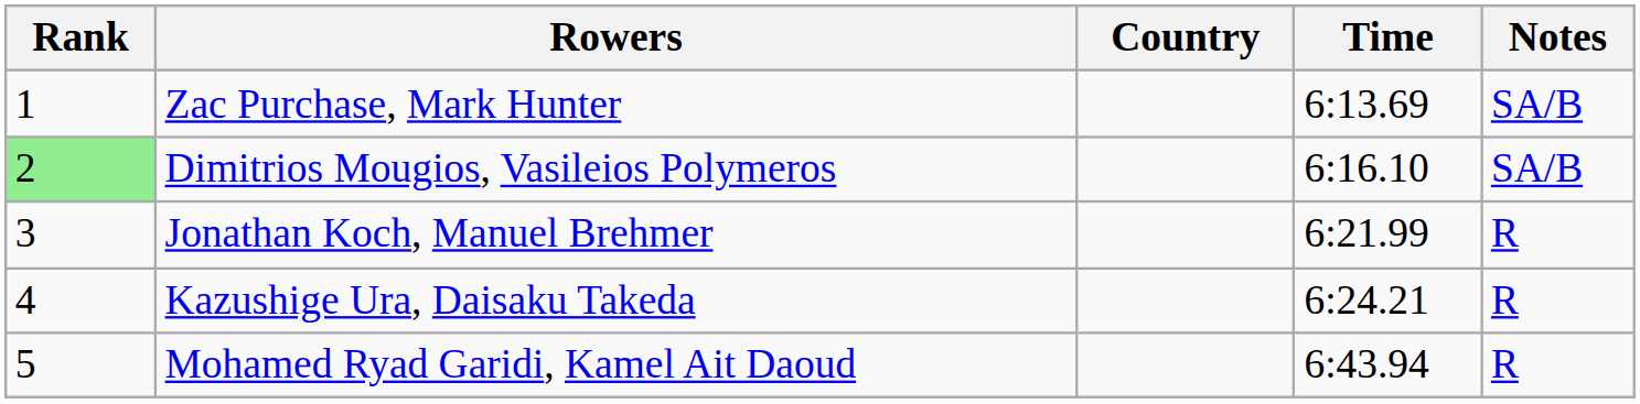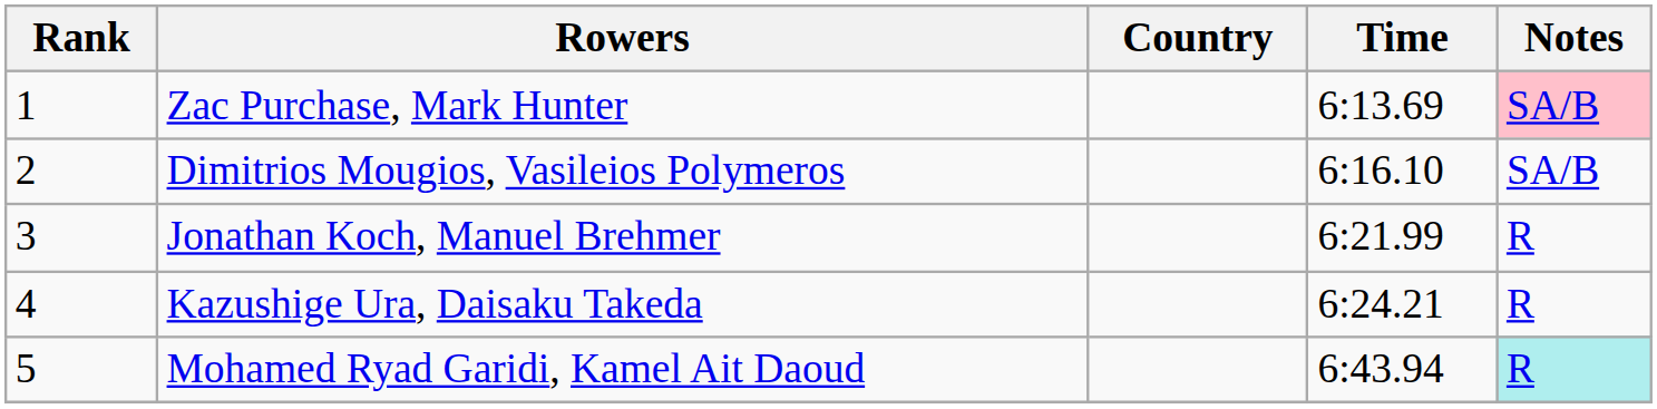 <table class="wikitable sortable" width=50%>
 <tr>
 <th>Rank</th>
 <th>Rowers</th>
 <th>Country</th>
 <th>Time</th>
 <th>Notes</th>
 </tr>
 <tr>
 <td>1</td>
 <td><a href='#'>Zac Purchase</a>, <a href='#'>Mark Hunter</a></td>
 <td></td>
 <td>6:13.69</td>
-<td><a href='#'>SA/B</a></td>
+<td style="background: pink;"><a href='#'>SA/B</a></td>
 </tr>
 <tr>
-<td style="background: lightgreen;">2</td>
+<td>2</td>
 <td><a href='#'>Dimitrios Mougios</a>, <a href='#'>Vasileios Polymeros</a></td>
 <td></td>
 <td>6:16.10</td>
 <td><a href='#'>SA/B</a></td>
 </tr>
 <tr>
 <td>3</td>
 <td><a href='#'>Jonathan Koch</a>, <a href='#'>Manuel Brehmer</a></td>
 <td></td>
 <td>6:21.99</td>
 <td><a href='#'>R</a></td>
 </tr>
 <tr>
 <td>4</td>
 <td><a href='#'>Kazushige Ura</a>, <a href='#'>Daisaku Takeda</a></td>
 <td></td>
 <td>6:24.21</td>
 <td><a href='#'>R</a></td>
 </tr>
 <tr>
 <td>5</td>
 <td><a href='#'>Mohamed Ryad Garidi</a>, <a href='#'>Kamel Ait Daoud</a></td>
 <td></td>
 <td>6:43.94</td>
-<td><a href='#'>R</a></td>
+<td style="background: paleturquoise;"><a href='#'>R</a></td>
 </tr>
 <tr>
 </tr>
 </table>
